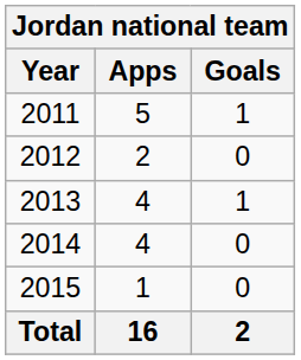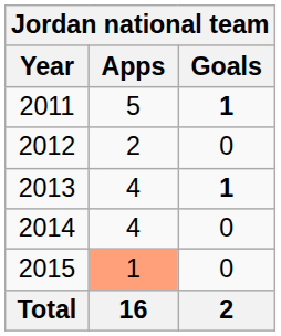 <table class="wikitable" style="text-align:center">
 <tr>
 <th colspan=3>Jordan national team</th>
 </tr>
 <tr>
 <th>Year</th>
 <th>Apps</th>
 <th>Goals</th>
 </tr>
 <tr>
 <td>2011</td>
 <td>5</td>
-<td>1</td>
+<td><strong>1</strong></td>
 </tr>
 <tr>
 <td>2012</td>
 <td>2</td>
 <td>0</td>
 </tr>
 <tr>
 <td>2013</td>
 <td>4</td>
-<td>1</td>
+<td><strong>1</strong></td>
 </tr>
 <tr>
 <td>2014</td>
 <td>4</td>
 <td>0</td>
 </tr>
 <tr>
 <td>2015</td>
-<td>1</td>
+<td style="background: lightsalmon;">1</td>
 <td>0</td>
 </tr>
 <tr>
 <th>Total</th>
 <th>16</th>
 <th>2</th>
 </tr>
 </table>
